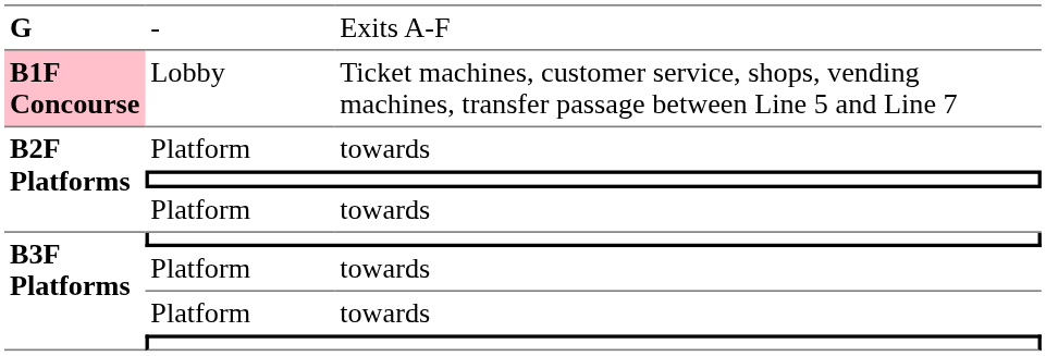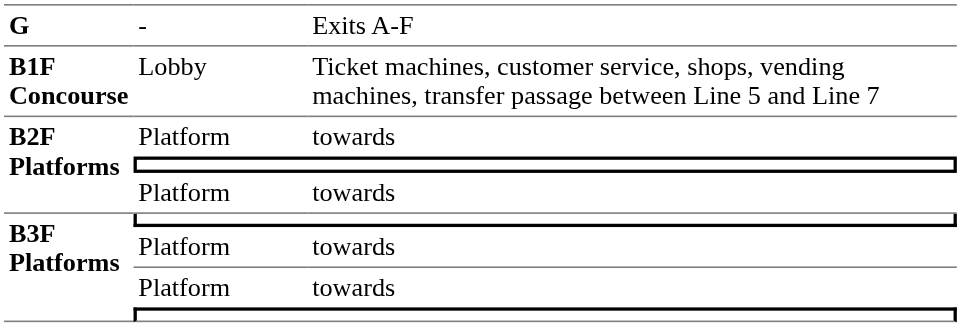 <table table border=0 cellspacing=0 cellpadding=3>
 <tr>
 <td style="border-top:solid 1px gray;" width=50 valign=top><strong>G</strong></td>
 <td style="border-top:solid 1px gray;" width=100 valign=top>-</td>
 <td style="border-top:solid 1px gray;" width=390 valign=top>Exits A-F</td>
 </tr>
 <tr>
-<td style="background: pink; border-bottom:solid 1px gray; border-top:solid 1px gray;" valign=top width=50><strong>B1F<br>Concourse</strong></td>
+<td style="border-bottom:solid 1px gray; border-top:solid 1px gray;" valign=top width=50><strong>B1F<br>Concourse</strong></td>
 <td style="border-bottom:solid 1px gray; border-top:solid 1px gray;" valign=top width=100>Lobby</td>
 <td style="border-bottom:solid 1px gray; border-top:solid 1px gray;" valign=top width=390>Ticket machines, customer service, shops, vending machines, transfer passage between Line 5 and Line 7</td>
 </tr>
 <tr>
 <td style="border-bottom:solid 1px gray; border-top:solid 0 gray;" valign=top width=50 rowspan="3"><strong>B2F<br> Platforms</strong></td>
 <td>Platform</td>
 <td>  towards  </td>
 </tr>
 <tr>
 <td style="border-right:solid 2px black;border-left:solid 2px black;border-top:solid 2px black;border-bottom:solid 2px black;text-align:center;" colspan=2></td>
 </tr>
 <tr>
 <td style="border-bottom:solid 1px gray;">Platform</td>
 <td style="border-bottom:solid 1px gray;">  towards   </td>
 </tr>
 <tr>
 <td style="border-bottom:solid 1px gray;" rowspan="4" valign=top><strong>B3F<br> Platforms</strong></td>
 <td style="border-right:solid 2px black;border-left:solid 2px black;border-bottom:solid 2px black;text-align:center;" colspan=2></td>
 </tr>
 <tr>
 <td>Platform</td>
 <td>  towards  </td>
 </tr>
 <tr>
 <td style="border-top:solid 1px gray;">Platform</td>
 <td style="border-top:solid 1px gray;">  towards   </td>
 </tr>
 <tr>
 <td style="border-right:solid 2px black;border-left:solid 2px black;border-top:solid 2px black;border-bottom:solid 1px gray;text-align:center;" colspan=2></td>
 </tr>
 </table>
